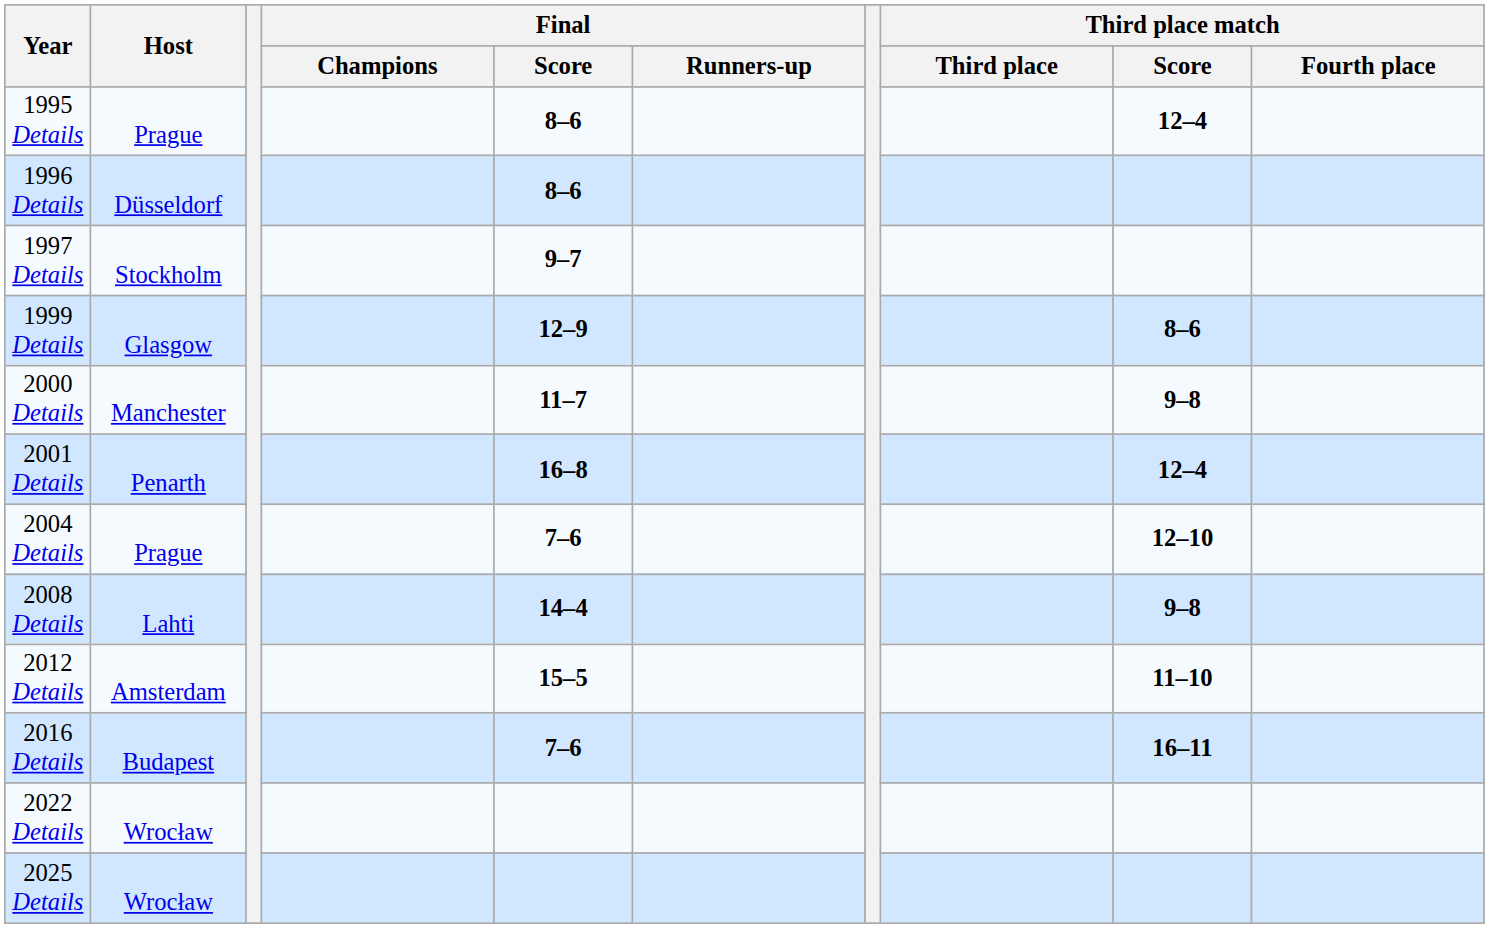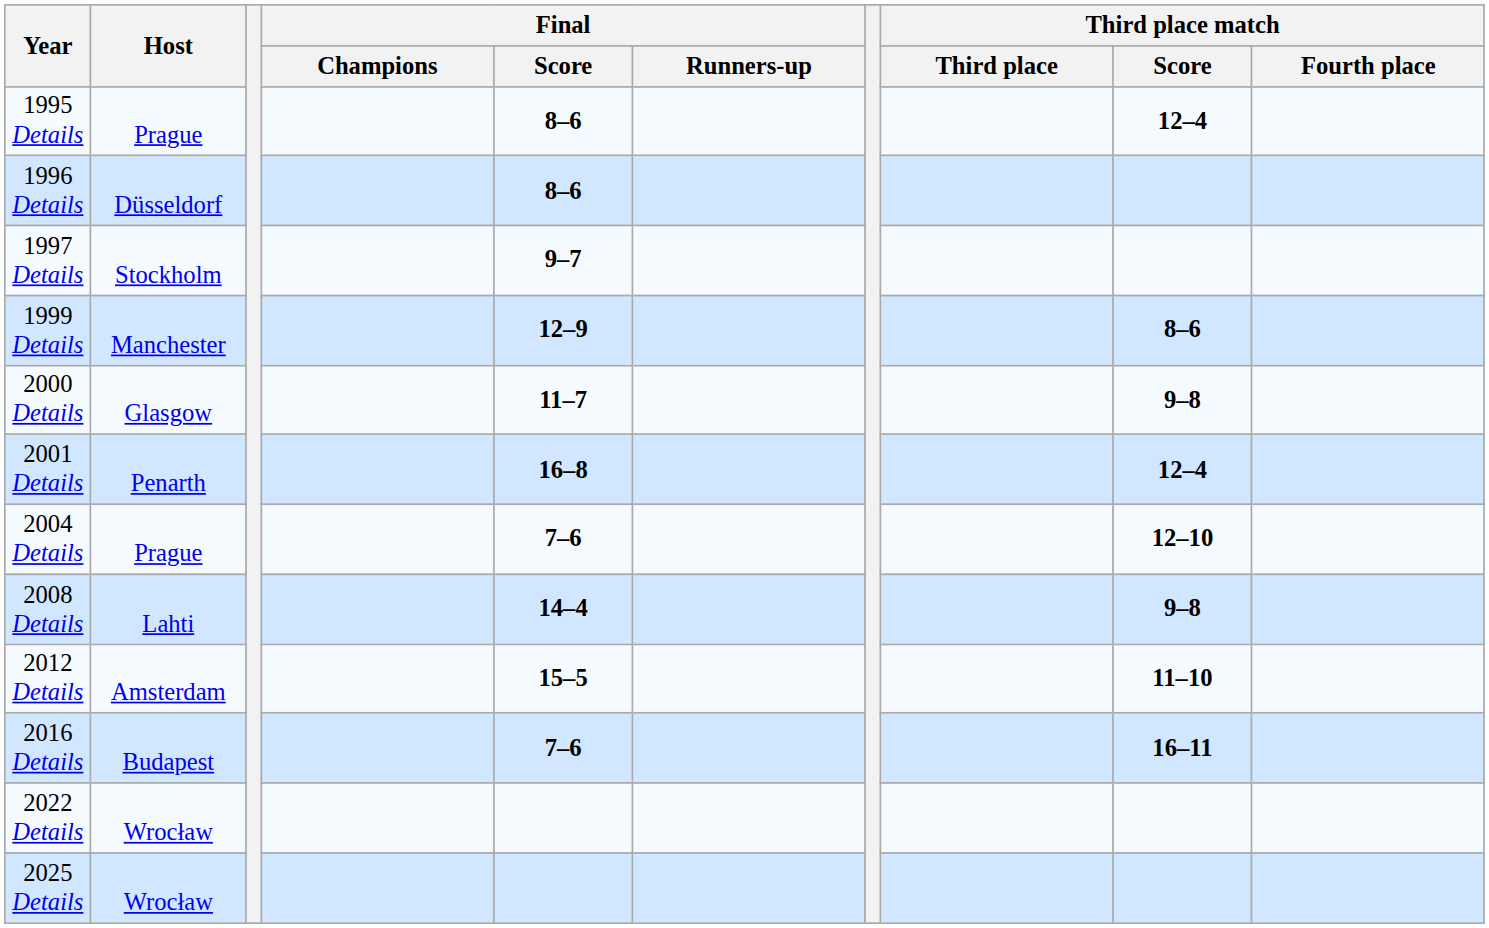 <table class="wikitable" style="font-size:90%; width: 98%; text-align: center;">
 <tr>
 <th rowspan=2 width=5%>Year</th>
 <th rowspan=2 width=10%>Host</th>
 <th width=1% rowspan=14 bgcolor=ffffff></th>
 <th colspan=3>Final</th>
 <th width=1% rowspan=14 bgcolor=ffffff></th>
 <th colspan=3>Third place match</th>
 </tr>
 <tr>
 <th width=15%>Champions</th>
 <th width=9%>Score</th>
 <th width=15%>Runners-up</th>
 <th width=15%>Third place</th>
 <th width=9%>Score</th>
 <th width=15%>Fourth place</th>
 </tr>
 <tr bgcolor=#F5FAFF>
 <td>1995<br><em><a href='#'>Details</a></em></td>
 <td><br><a href='#'>Prague</a></td>
 <td><strong></strong></td>
 <td><strong>8–6</strong></td>
 <td></td>
 <td></td>
 <td><strong>12–4</strong></td>
 <td></td>
 </tr>
 <tr bgcolor=#D0E7FF>
 <td>1996<br><em><a href='#'>Details</a></em></td>
 <td><br><a href='#'>Düsseldorf</a></td>
 <td><strong></strong></td>
 <td><strong>8–6</strong></td>
 <td></td>
 <td></td>
 <td></td>
 <td></td>
 </tr>
 <tr bgcolor=#F5FAFF>
 <td>1997<br><em><a href='#'>Details</a></em></td>
 <td><br><a href='#'>Stockholm</a></td>
 <td><strong></strong></td>
 <td><strong>9–7</strong></td>
 <td></td>
 <td></td>
 <td></td>
 <td></td>
 </tr>
 <tr bgcolor=#D0E7FF>
 <td>1999<br><em><a href='#'>Details</a></em></td>
-<td><br><a href='#'>Glasgow</a></td>
+<td><br><a href='#'>Manchester</a></td>
 <td><strong></strong></td>
 <td><strong>12–9</strong></td>
 <td></td>
 <td></td>
 <td><strong>8–6</strong></td>
 <td></td>
 </tr>
 <tr bgcolor=#F5FAFF>
 <td>2000<br><em><a href='#'>Details</a></em></td>
-<td><br><a href='#'>Manchester</a></td>
+<td><br><a href='#'>Glasgow</a></td>
 <td><strong></strong></td>
 <td><strong>11–7</strong></td>
 <td></td>
 <td></td>
 <td><strong>9–8</strong></td>
 <td></td>
 </tr>
 <tr bgcolor=#D0E7FF>
 <td>2001<br><em><a href='#'>Details</a></em></td>
 <td><br><a href='#'>Penarth</a></td>
 <td><strong></strong></td>
 <td><strong>16–8</strong></td>
 <td></td>
 <td></td>
 <td><strong>12–4</strong></td>
 <td></td>
 </tr>
 <tr bgcolor=#F5FAFF>
 <td>2004<br><em><a href='#'>Details</a></em></td>
 <td><br><a href='#'>Prague</a></td>
 <td><strong></strong></td>
 <td><strong>7–6</strong></td>
 <td></td>
 <td></td>
 <td><strong>12–10</strong></td>
 <td></td>
 </tr>
 <tr bgcolor=#D0E7FF>
 <td>2008<br><em><a href='#'>Details</a></em></td>
 <td><br><a href='#'>Lahti</a></td>
 <td><strong></strong></td>
 <td><strong>14–4</strong></td>
 <td></td>
 <td></td>
 <td><strong>9–8</strong></td>
 <td></td>
 </tr>
 <tr bgcolor=#F5FAFF>
 <td>2012<br><em><a href='#'>Details</a></em></td>
 <td><br><a href='#'>Amsterdam</a></td>
 <td><strong></strong></td>
 <td><strong>15–5</strong></td>
 <td></td>
 <td></td>
 <td><strong>11–10</strong></td>
 <td></td>
 </tr>
 <tr bgcolor=#D0E7FF>
 <td>2016<br><em><a href='#'>Details</a></em></td>
 <td><br><a href='#'>Budapest</a></td>
 <td><strong></strong></td>
 <td><strong>7–6</strong></td>
 <td></td>
 <td></td>
 <td><strong>16–11</strong></td>
 <td></td>
 </tr>
 <tr bgcolor=#F5FAFF>
 <td>2022<br><em><a href='#'>Details</a></em></td>
 <td><br><a href='#'>Wrocław</a></td>
 <td></td>
 <td></td>
 <td></td>
 <td></td>
 <td></td>
 <td></td>
 </tr>
 <tr bgcolor=#D0E7FF>
 <td>2025<br><em><a href='#'>Details</a></em></td>
 <td><br><a href='#'>Wrocław</a></td>
 <td></td>
 <td></td>
 <td></td>
 <td></td>
 <td></td>
 <td></td>
 </tr>
 </table>
